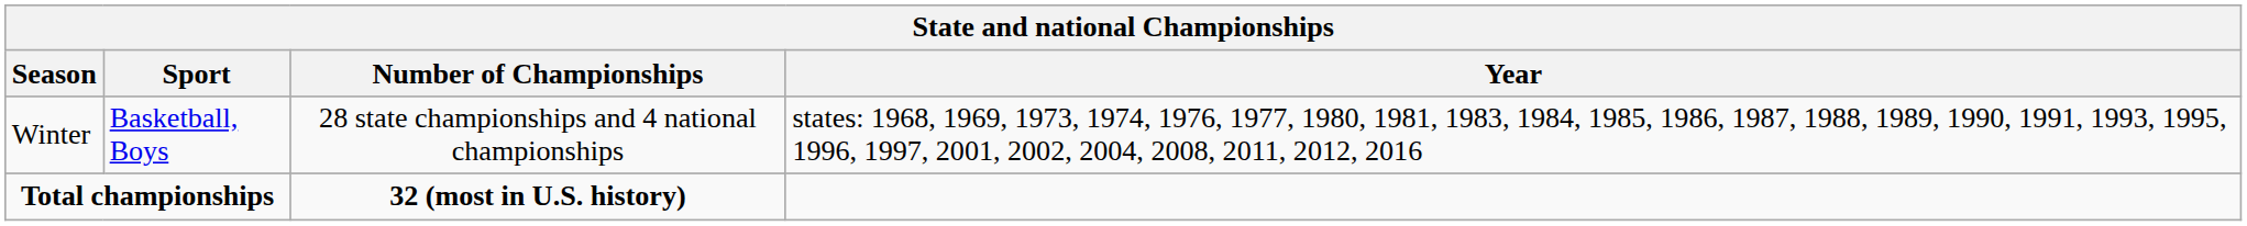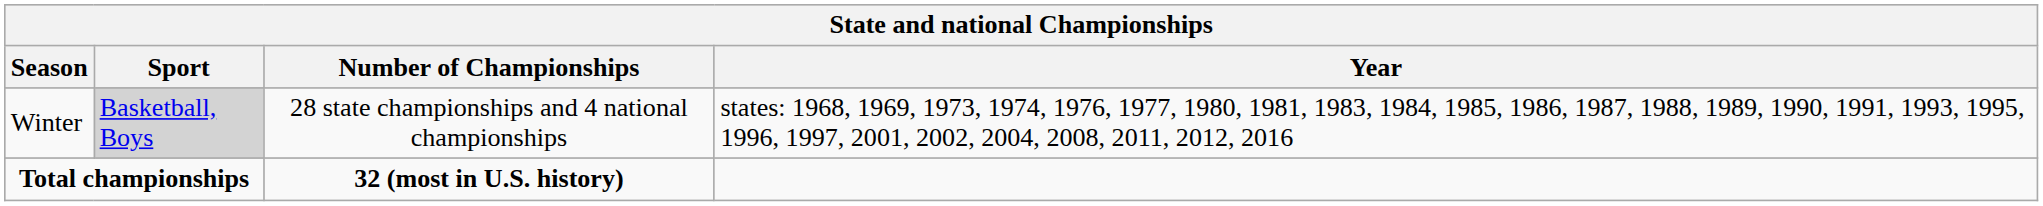 <table class="wikitable">
 <tr>
 <th colspan="4">State and national Championships</th>
 </tr>
 <tr>
 <th>Season</th>
 <th>Sport</th>
 <th>Number of Championships</th>
 <th>Year</th>
 </tr>
 <tr>
 <td>Winter</td>
-<td><a href='#'>Basketball, Boys</a></td>
+<td style="background: lightgrey;"><a href='#'>Basketball, Boys</a></td>
 <td style="text-align:center;">28 state championships and 4 national championships</td>
 <td>states: 1968, 1969, 1973, 1974, 1976, 1977, 1980, 1981, 1983, 1984, 1985, 1986, 1987, 1988, 1989, 1990, 1991, 1993, 1995, 1996, 1997, 2001, 2002, 2004, 2008, 2011, 2012, 2016</td>
 </tr>
 <tr style="text-align:center;">
 <td colspan="2"><strong>Total championships</strong></td>
 <td style="text-align:center;"><strong>32 (most in U.S. history)</strong></td>
 </tr>
 </table>
